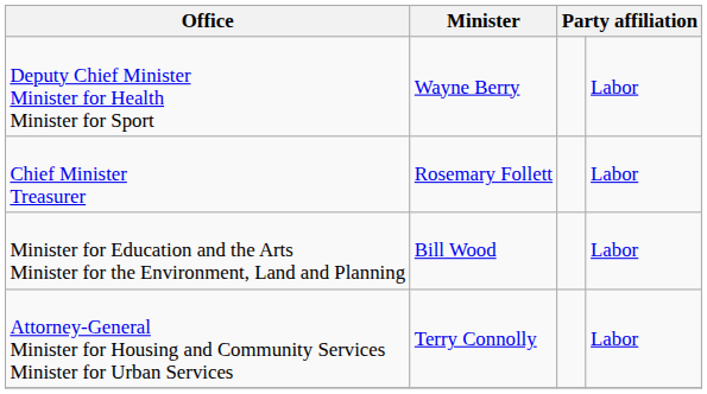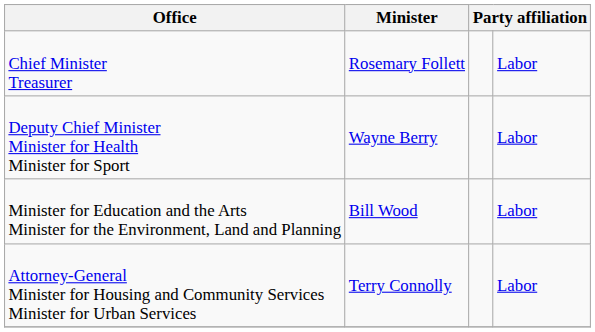 <table class="wikitable">
 <tr>
 <th>Office</th>
 <th>Minister</th>
 <th colspan=2>Party affiliation</th>
 </tr>
 <tr>
-<td><br><a href='#'>Deputy Chief Minister</a><br> <a href='#'>Minister for Health</a><br> Minister for Sport</td>
-<td><a href='#'>Wayne Berry</a></td>
+<td><br><a href='#'>Chief Minister</a><br> <a href='#'>Treasurer</a></td>
+<td><a href='#'>Rosemary Follett</a></td>
 <td> </td>
 <td><a href='#'>Labor</a></td>
 </tr>
 <tr>
-<td><br><a href='#'>Chief Minister</a><br> <a href='#'>Treasurer</a></td>
-<td><a href='#'>Rosemary Follett</a></td>
+<td><br><a href='#'>Deputy Chief Minister</a><br> <a href='#'>Minister for Health</a><br> Minister for Sport</td>
+<td><a href='#'>Wayne Berry</a></td>
 <td> </td>
 <td><a href='#'>Labor</a></td>
 </tr>
 <tr>
 <td><br>Minister for Education and the Arts<br> Minister for the Environment, Land and Planning</td>
 <td><a href='#'>Bill Wood</a></td>
 <td> </td>
 <td><a href='#'>Labor</a></td>
 </tr>
 <tr>
 <td><br><a href='#'>Attorney-General</a><br> Minister for Housing and Community Services<br> Minister for Urban Services</td>
 <td><a href='#'>Terry Connolly</a></td>
 <td> </td>
 <td><a href='#'>Labor</a></td>
 </tr>
 <tr>
 </tr>
 </table>
